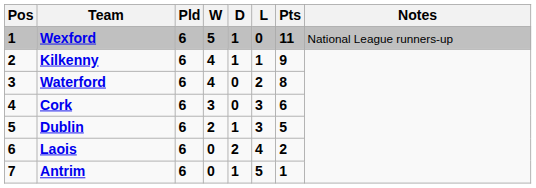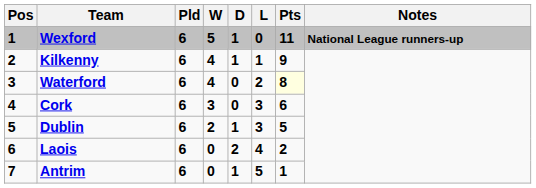 <table class="wikitable" style="text-align: centre;">
 <tr>
 <th width=20>Pos</th>
 <th width=150>Team</th>
 <th width=20>Pld</th>
 <th width=20>W</th>
 <th width=20>D</th>
 <th width=20>L</th>
 <th width=20>Pts</th>
 <th width=250>Notes</th>
 </tr>
 <tr style="background:silver;">
 <td><strong>1</strong></td>
 <td align=left><strong> <a href='#'>Wexford</a> </strong></td>
 <td><strong>6</strong></td>
 <td><strong>5</strong></td>
 <td><strong>1</strong></td>
 <td><strong>0</strong></td>
 <td><strong>11</strong></td>
-<td><small> National League runners-up</small></td>
+<td><strong><small> National League runners-up</small></strong></td>
 </tr>
 <tr style>
 <td><strong>2</strong></td>
 <td align=left><strong> <a href='#'>Kilkenny</a> </strong></td>
 <td><strong>6</strong></td>
 <td><strong>4</strong></td>
 <td><strong>1</strong></td>
 <td><strong>1</strong></td>
 <td><strong>9</strong></td>
 </tr>
 <tr>
 <td><strong>3</strong></td>
 <td align=left><strong> <a href='#'>Waterford</a> </strong></td>
 <td><strong>6</strong></td>
 <td><strong>4</strong></td>
 <td><strong>0</strong></td>
 <td><strong>2</strong></td>
-<td><strong>8</strong></td>
+<td style="background: lightyellow;"><strong>8</strong></td>
 </tr>
 <tr>
 <td><strong>4</strong></td>
 <td align=left><strong> <a href='#'>Cork</a> </strong></td>
 <td><strong>6</strong></td>
 <td><strong>3</strong></td>
 <td><strong>0</strong></td>
 <td><strong>3</strong></td>
 <td><strong>6</strong></td>
 </tr>
 <tr>
 <td><strong>5</strong></td>
 <td align=left><strong> <a href='#'>Dublin</a> </strong></td>
 <td><strong>6</strong></td>
 <td><strong>2</strong></td>
 <td><strong>1</strong></td>
 <td><strong>3</strong></td>
 <td><strong>5</strong></td>
 </tr>
 <tr>
 <td><strong>6</strong></td>
 <td align=left><strong> <a href='#'>Laois</a> </strong></td>
 <td><strong>6</strong></td>
 <td><strong>0</strong></td>
 <td><strong>2</strong></td>
 <td><strong>4</strong></td>
 <td><strong>2</strong></td>
 </tr>
 <tr>
 <td><strong>7</strong></td>
 <td align=left><strong> <a href='#'>Antrim</a> </strong></td>
 <td><strong>6</strong></td>
 <td><strong>0</strong></td>
 <td><strong>1</strong></td>
 <td><strong>5</strong></td>
 <td><strong>1</strong></td>
 </tr>
 </table>
